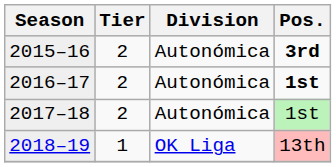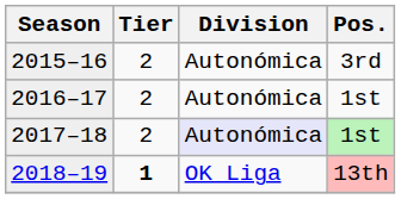 <table class="wikitable">
 <tr>
 <th>Season</th>
 <th>Tier</th>
 <th>Division</th>
 <th>Pos.</th>
 </tr>
 <tr>
 <td style="background:#efefef;">2015–16</td>
 <td align="center">2</td>
 <td>Autonómica</td>
-<td align="center"><strong>3rd</strong></td>
+<td align="center">3rd</td>
 </tr>
 <tr>
 <td style="background:#efefef;">2016–17</td>
 <td align="center">2</td>
 <td>Autonómica</td>
-<td align="center"><strong>1st</strong></td>
+<td align="center">1st</td>
 </tr>
 <tr>
 <td style="background:#efefef;">2017–18</td>
 <td align="center">2</td>
-<td>Autonómica</td>
+<td style="background: lavender;">Autonómica</td>
 <td align="center" bgcolor=#BBF3BB>1st</td>
 </tr>
 <tr>
 <td style="background:#efefef;"><a href='#'>2018–19</a></td>
-<td align="center">1</td>
+<td align="center"><strong>1</strong></td>
 <td><a href='#'>OK Liga</a></td>
 <td align="center" bgcolor=#FFBBBB>13th</td>
 </tr>
 <tr>
 </tr>
 </table>
